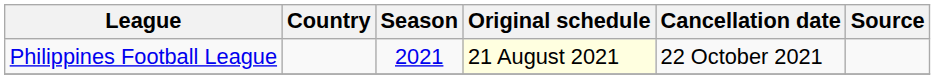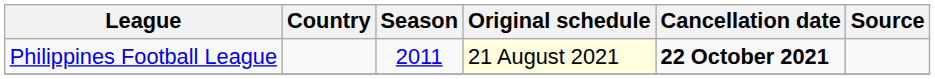 <table class="wikitable">
 <tr>
 <th>League</th>
 <th>Country</th>
 <th>Season</th>
 <th>Original schedule</th>
 <th>Cancellation date</th>
 <th>Source</th>
 </tr>
 <tr>
 <td><a href='#'>Philippines Football League</a></td>
 <td></td>
-<td align=center><a href='#'>2021</a></td>
+<td align=center><a href='#'>2011</a></td>
 <td style="background: lightyellow;">21 August 2021 </td>
-<td>22 October 2021</td>
+<td><strong>22 October 2021</strong></td>
 <td></td>
 </tr>
 <tr>
 </tr>
 </table>
